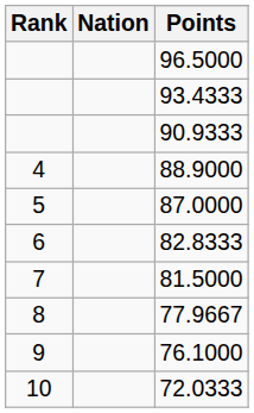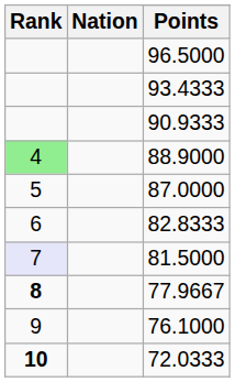 <table class="wikitable sortable" style="text-align:center">
 <tr>
 <th rowspan=2>Rank</th>
 <th rowspan=2>Nation</th>
 </tr>
 <tr>
 <th>Points</th>
 </tr>
 <tr>
 <td></td>
 <td align=left></td>
 <td>96.5000</td>
 </tr>
 <tr>
 <td></td>
 <td align=left></td>
 <td>93.4333</td>
 </tr>
 <tr>
 <td></td>
 <td align=left></td>
 <td>90.9333</td>
 </tr>
 <tr>
-<td>4</td>
+<td style="background: lightgreen;">4</td>
 <td align=left></td>
 <td>88.9000</td>
 </tr>
 <tr>
 <td>5</td>
 <td align=left></td>
 <td>87.0000</td>
 </tr>
 <tr>
 <td>6</td>
 <td align=left></td>
 <td>82.8333</td>
 </tr>
 <tr>
-<td>7</td>
+<td style="background: lavender;">7</td>
 <td align=left></td>
 <td>81.5000</td>
 </tr>
 <tr>
-<td>8</td>
+<td><strong>8</strong></td>
 <td align=left></td>
 <td>77.9667</td>
 </tr>
 <tr>
 <td>9</td>
 <td align=left></td>
 <td>76.1000</td>
 </tr>
 <tr>
-<td>10</td>
+<td><strong>10</strong></td>
 <td align=left></td>
 <td>72.0333</td>
 </tr>
 </table>
